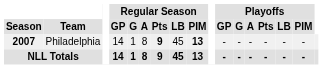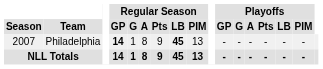 <table BORDER="0" CELLPADDING="3" CELLSPACING="0">
 <tr ALIGN="center" bgcolor="#e0e0e0">
 <th colspan="2" bgcolor="#ffffff"> </th>
 <th rowspan="99" bgcolor="#ffffff"> </th>
 <th colspan="6">Regular Season</th>
 <th rowspan="99" bgcolor="#ffffff"> </th>
 <th colspan="6">Playoffs</th>
 </tr>
 <tr ALIGN="center" bgcolor="#e0e0e0">
 <th>Season</th>
 <th>Team</th>
 <th>GP</th>
 <th>G</th>
 <th>A</th>
 <th>Pts</th>
 <th>LB</th>
 <th>PIM</th>
 <th>GP</th>
 <th>G</th>
 <th>A</th>
 <th>Pts</th>
 <th>LB</th>
 <th>PIM</th>
 </tr>
 <tr ALIGN="center" bgcolor="#f0f0f0">
-<td><strong>2007</strong></td>
+<td>2007</td>
 <td>Philadelphia</td>
-<td>14</td>
+<td><strong>14</strong></td>
 <td>1</td>
 <td>8</td>
-<td><strong>9</strong></td>
-<td>45</td>
-<td><strong>13</strong></td>
+<td>9</td>
+<td><strong>45</strong></td>
+<td>13</td>
 <td>-</td>
 <td>-</td>
 <td>-</td>
 <td>-</td>
 <td>-</td>
 <td>-</td>
 <td></td>
 </tr>
 <tr ALIGN="center" bgcolor="#e0e0e0">
 <th colspan="2">NLL Totals</th>
 <th>14</th>
 <th>1</th>
 <th>8</th>
 <th>9</th>
 <th>45</th>
 <th>13</th>
 <th>-</th>
 <th>-</th>
 <th>-</th>
 <th>-</th>
 <th>-</th>
 <th>-</th>
 <th></th>
 </tr>
 </table>
